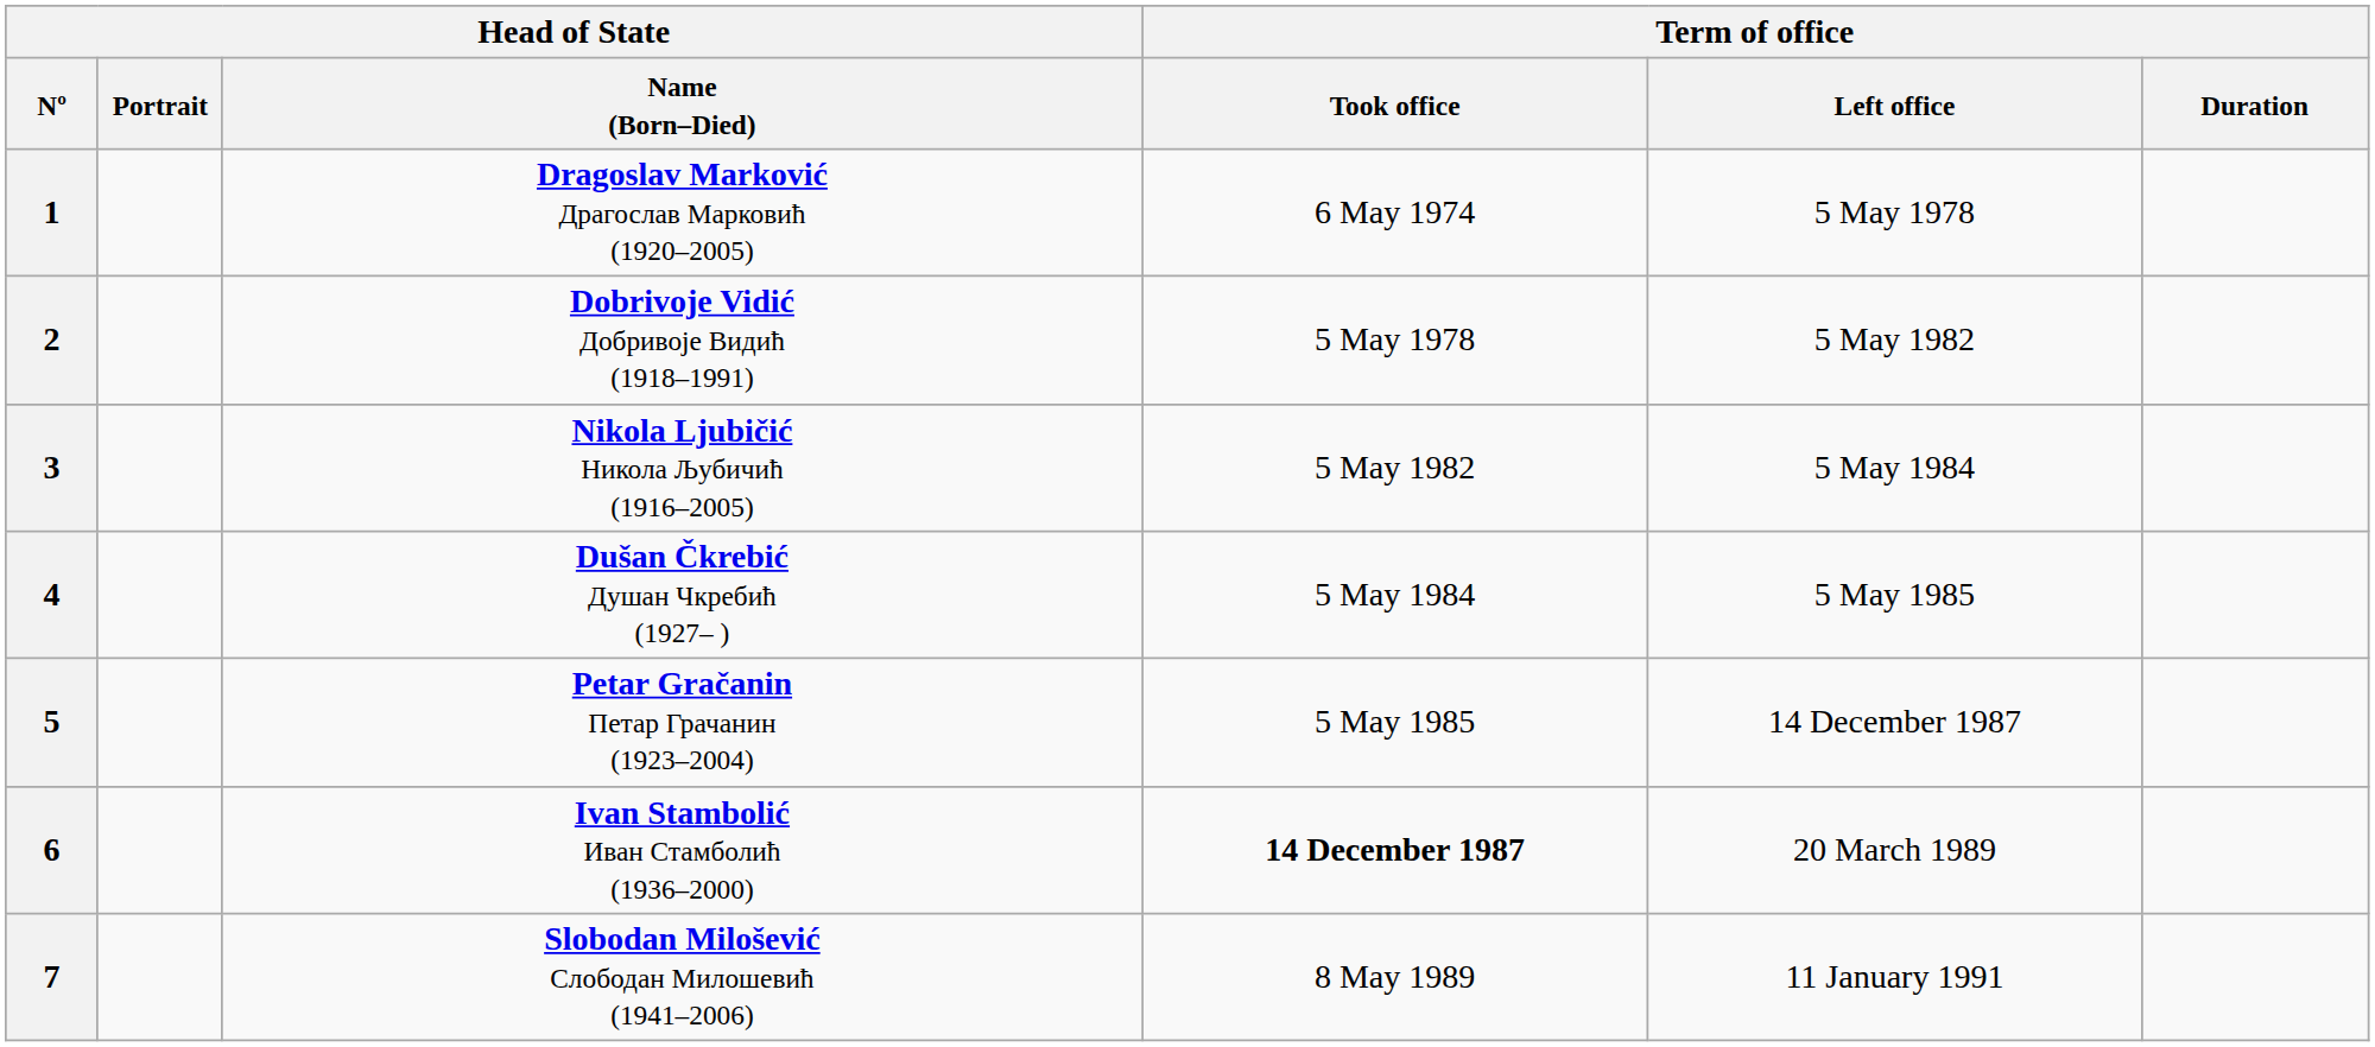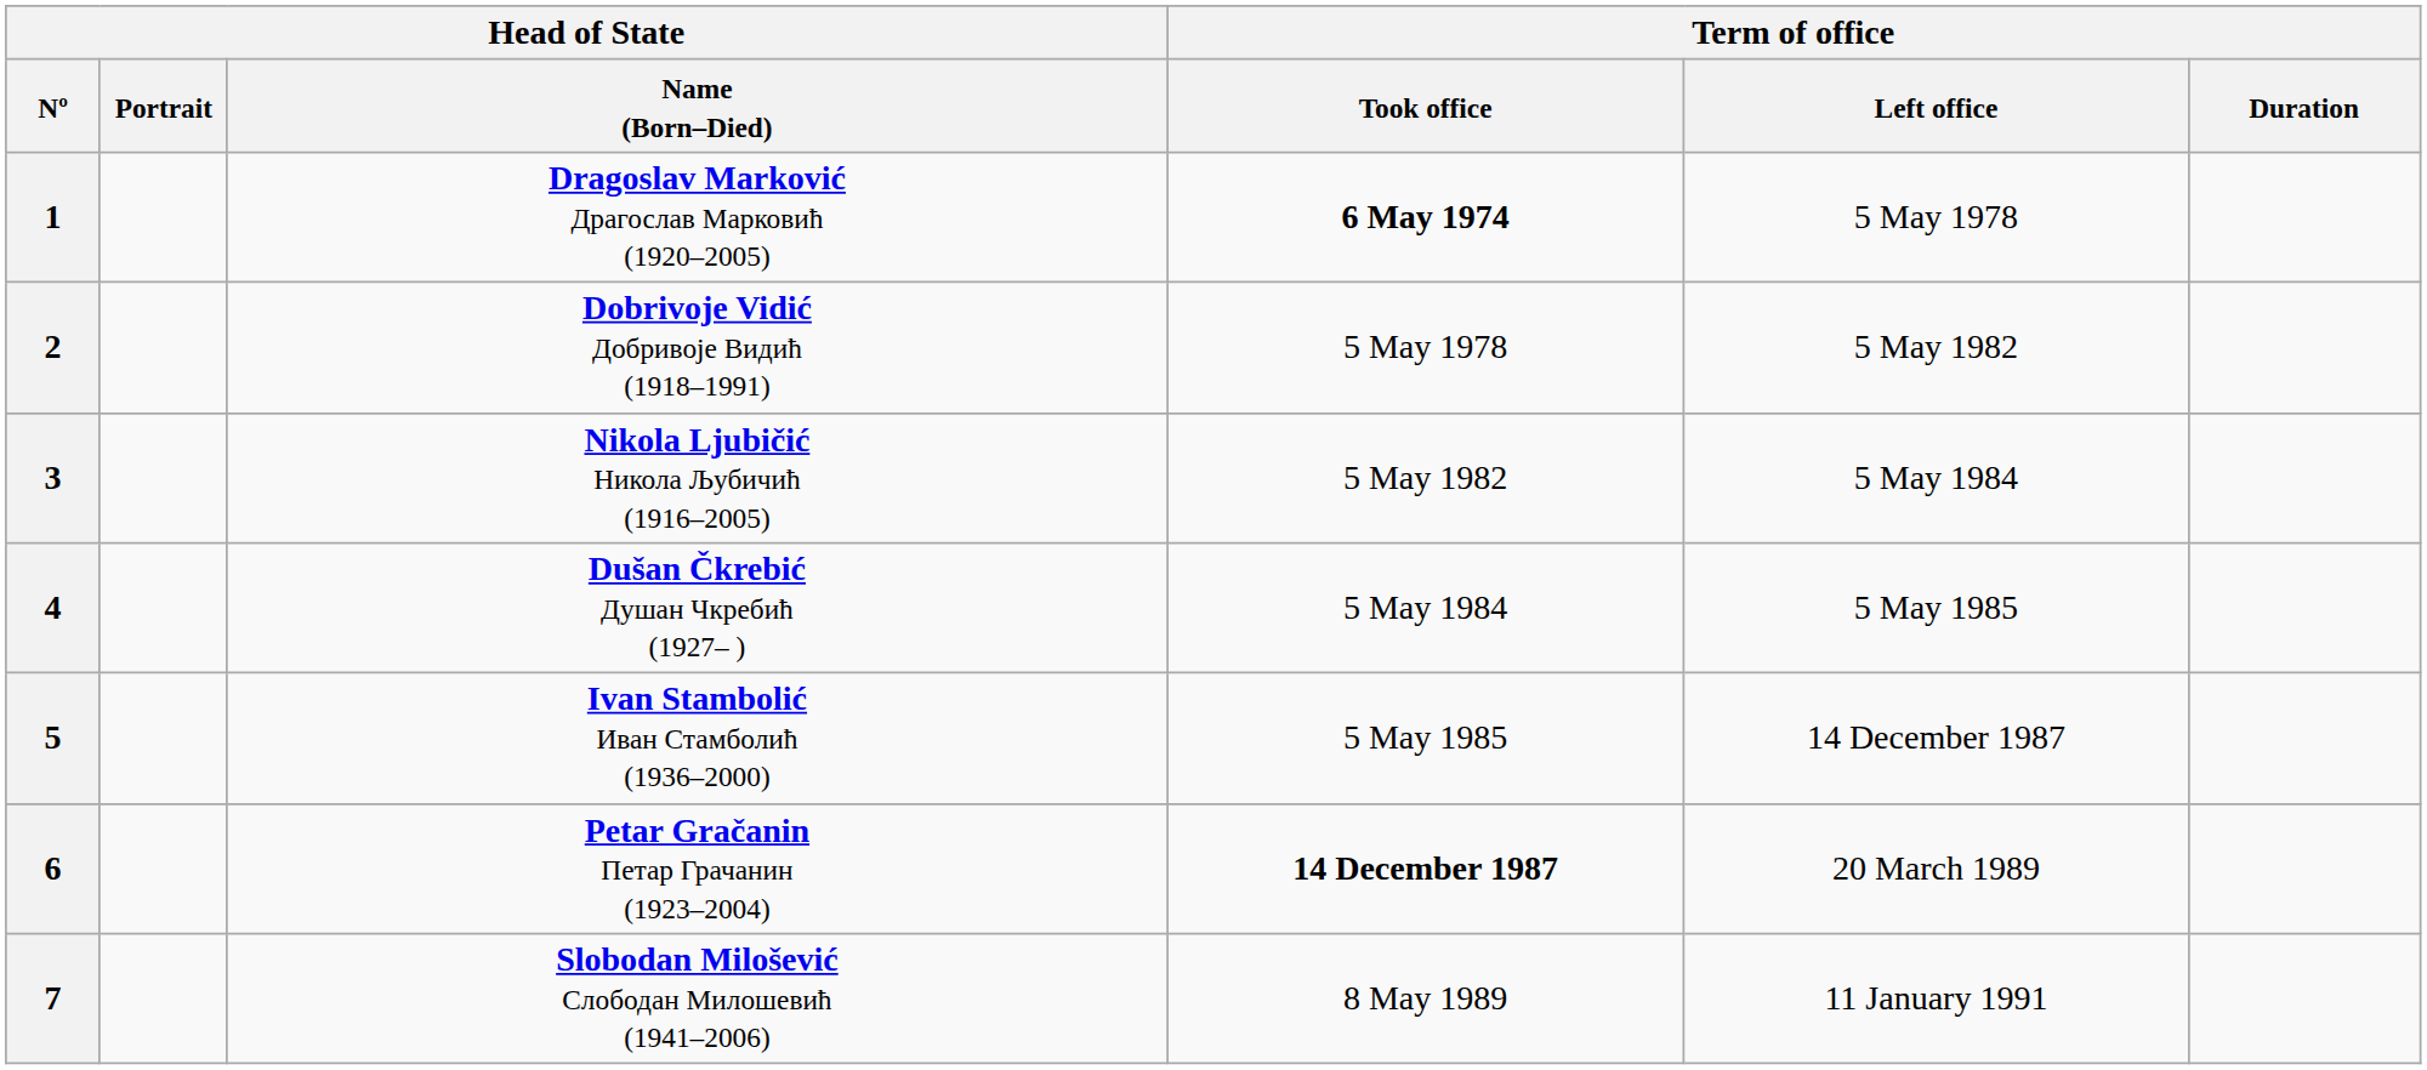 <table class="wikitable" style="text-align:center; width:90%">
 <tr>
 <th width=35% colspan=3>Head of State</th>
 <th width=40% colspan=3>Term of office</th>
 </tr>
 <tr>
 <th width=3%><small>Nº</small></th>
 <th><small>Portrait</small></th>
 <th width=30%><small>Name<br>(Born–Died)</small></th>
 <th><small>Took office</small></th>
 <th><small>Left office</small></th>
 <th><small>Duration</small></th>
 </tr>
 <tr>
 <th style="background:">1</th>
 <td></td>
 <td><strong><a href='#'>Dragoslav Marković</a></strong><br><small>Драгослав Марковић<br>(1920–2005)</small></td>
-<td>6 May 1974</td>
+<td><strong>6 May 1974</strong></td>
 <td>5 May 1978</td>
 <td></td>
 </tr>
 <tr>
 <th style="background:">2</th>
 <td></td>
 <td><strong><a href='#'>Dobrivoje Vidić</a></strong><br><small>Добривоје Видић<br>(1918–1991)</small></td>
 <td>5 May 1978</td>
 <td>5 May 1982</td>
 <td></td>
 </tr>
 <tr>
 <th style="background:">3</th>
 <td></td>
 <td><strong><a href='#'>Nikola Ljubičić</a></strong><br><small>Никола Љубичић<br>(1916–2005)</small></td>
 <td>5 May 1982</td>
 <td>5 May 1984</td>
 <td></td>
 </tr>
 <tr>
 <th style="background:">4</th>
 <td></td>
 <td><strong><a href='#'>Dušan Čkrebić</a></strong><br><small>Душан Чкребић<br>(1927– )</small></td>
 <td>5 May 1984</td>
 <td>5 May 1985</td>
 <td></td>
 </tr>
 <tr>
 <th style="background:">5</th>
 <td></td>
-<td><strong><a href='#'>Petar Gračanin</a></strong><br><small>Петар Грачанин<br>(1923–2004)</small></td>
+<td><strong><a href='#'>Ivan Stambolić</a></strong><br><small>Иван Стамболић<br>(1936–2000)</small></td>
 <td>5 May 1985</td>
 <td>14 December 1987</td>
 <td></td>
 </tr>
 <tr>
 <th style="background:">6</th>
 <td></td>
-<td><strong><a href='#'>Ivan Stambolić</a></strong><br><small>Иван Стамболић<br>(1936–2000)</small></td>
+<td><strong><a href='#'>Petar Gračanin</a></strong><br><small>Петар Грачанин<br>(1923–2004)</small></td>
 <td><strong>14 December 1987</strong></td>
 <td>20 March 1989</td>
 <td></td>
 </tr>
 <tr>
 <th style="background:">7</th>
 <td></td>
 <td><strong><a href='#'>Slobodan Milošević</a></strong><br><small>Слободан Милошевић<br>(1941–2006)</small></td>
 <td>8 May 1989</td>
 <td>11 January 1991</td>
 <td></td>
 </tr>
 </table>
